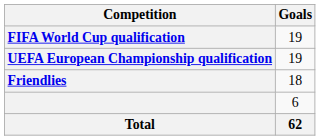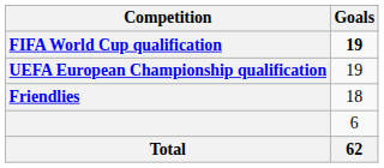 <table class="wikitable sortable plainrowheaders" style="text-align: center">
 <tr>
 <th scope=col>Competition</th>
 <th scope=col>Goals</th>
 </tr>
 <tr>
 <th style="text-align:left" scope=row><a href='#'>FIFA World Cup qualification</a></th>
-<td>19</td>
+<td><strong>19</strong></td>
 </tr>
 <tr>
 <th style="text-align:left" scope=row><a href='#'>UEFA European Championship qualification</a></th>
 <td>19</td>
 </tr>
 <tr>
 <th style="text-align:left" scope=row><a href='#'>Friendlies</a></th>
 <td>18</td>
 </tr>
 <tr>
 <th style="text-align:left" scope=row><a href='#'></a></th>
 <td>6</td>
 </tr>
 <tr class="sortbottom">
 <th>Total</th>
 <th>62</th>
 </tr>
 </table>
